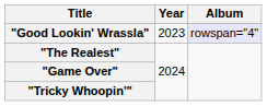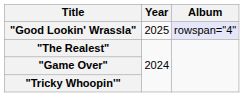 <table class="wikitable plainrowheaders" style="text-align:center;">
 <tr>
 <th scope="col" style="width:12em;">Title</th>
 <th scope="col">Year</th>
 <th scope="col">Album</th>
 </tr>
 <tr>
 <th scope="row">"Good Lookin' Wrassla"</th>
-<td>2023</td>
+<td>2025</td>
 <td style="background: lavender;">rowspan="4" </td>
 </tr>
 <tr>
 <th scope="row">"The Realest"</th>
 <td rowspan="3">2024</td>
 </tr>
 <tr>
 <th scope="row">"Game Over"</th>
 </tr>
 <tr>
 <th scope="row">"Tricky Whoopin'"</th>
 </tr>
 </table>
